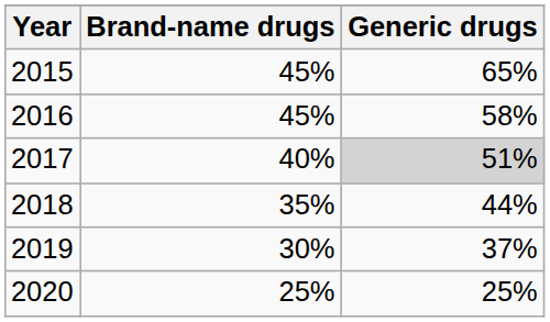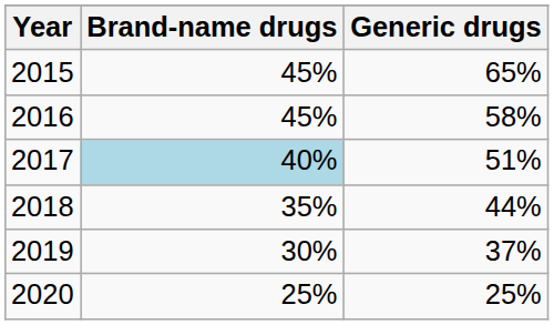 <table class="wikitable" align="right" style="text-align:right;margin-top:0">
 <tr>
 </tr>
 <tr>
 <th scope="col">Year</th>
 <th scope="col">Brand-name drugs</th>
 <th scope="col">Generic drugs</th>
 </tr>
 <tr>
 <td>2015</td>
 <td>45%</td>
 <td>65%</td>
 </tr>
 <tr>
 <td>2016</td>
 <td>45%</td>
 <td>58%</td>
 </tr>
 <tr>
 <td>2017</td>
-<td>40%</td>
-<td style="background: lightgrey;">51%</td>
+<td style="background: lightblue;">40%</td>
+<td>51%</td>
 </tr>
 <tr>
 <td>2018</td>
 <td>35%</td>
 <td>44%</td>
 </tr>
 <tr>
 <td>2019</td>
 <td>30%</td>
 <td>37%</td>
 </tr>
 <tr>
 <td>2020</td>
 <td>25%</td>
 <td>25%</td>
 </tr>
 </table>
